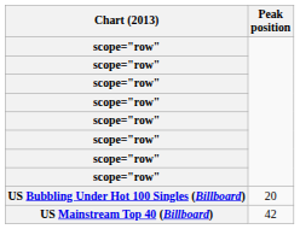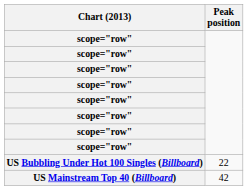 <table class="wikitable sortable plainrowheaders">
 <tr>
 <th scope="col">Chart (2013)</th>
 <th scope="col">Peak<br>position</th>
 </tr>
 <tr>
 <th>scope="row" </th>
 </tr>
 <tr>
 <th>scope="row" </th>
 </tr>
 <tr>
 <th>scope="row" </th>
 </tr>
 <tr>
 <th>scope="row" </th>
 </tr>
 <tr>
 <th>scope="row" </th>
 </tr>
 <tr>
 <th>scope="row" </th>
 </tr>
 <tr>
 <th>scope="row" </th>
 </tr>
 <tr>
 <th>scope="row" </th>
 </tr>
 <tr>
 <th scope="row">US <a href='#'>Bubbling Under Hot 100 Singles</a> (<em><a href='#'>Billboard</a></em>)</th>
-<td style="text-align:center;">20</td>
+<td style="text-align:center;">22</td>
 </tr>
 <tr>
 <th scope="row">US <a href='#'>Mainstream Top 40</a> (<em><a href='#'>Billboard</a></em>)</th>
 <td style="text-align:center;">42</td>
 </tr>
 </table>
